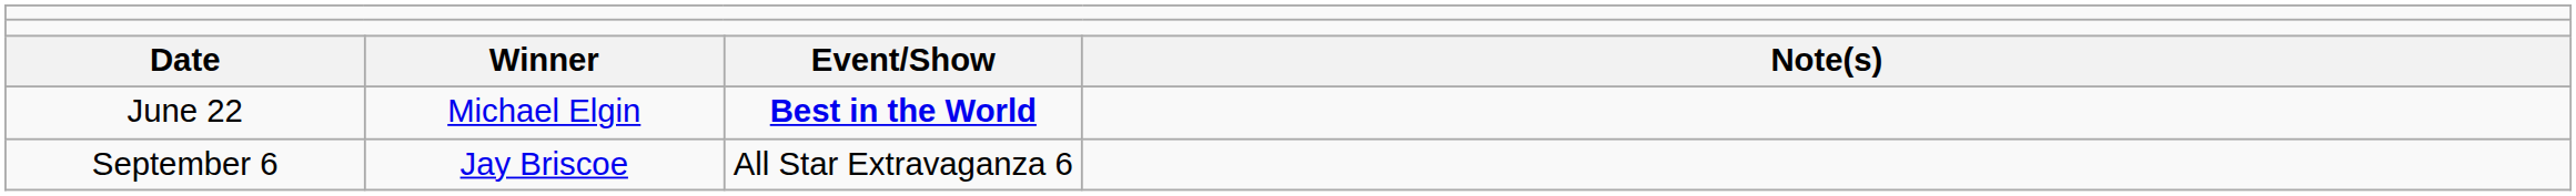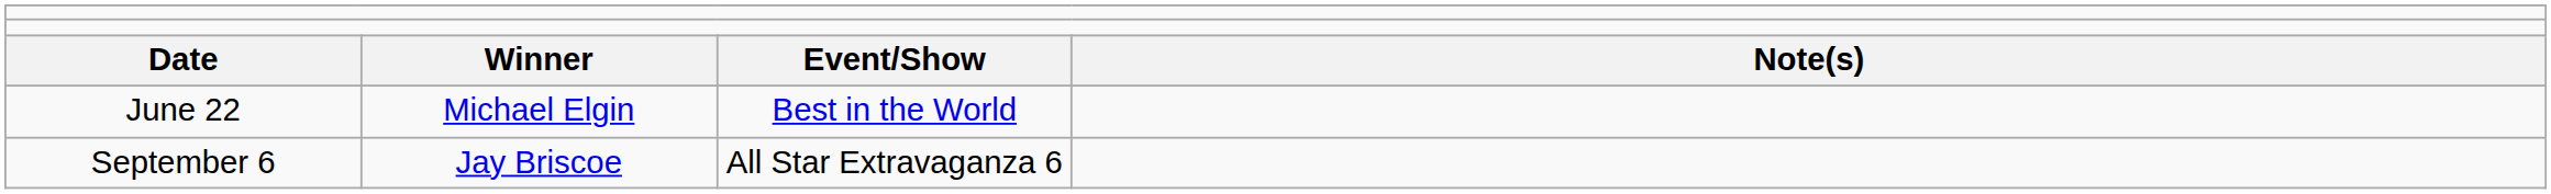 <table class="wikitable" style="text-align:center; width:100%;">
 <tr>
 <td colspan="5"></td>
 </tr>
 <tr>
 <td colspan="5"><strong></strong></td>
 </tr>
 <tr>
 <th width=14%>Date</th>
 <th width=14%>Winner</th>
 <th width=14%>Event/Show</th>
 <th width=58%>Note(s)</th>
 </tr>
 <tr>
 <td>June 22</td>
 <td><a href='#'>Michael Elgin</a></td>
-<td><strong><a href='#'>Best in the World</a></strong></td>
+<td><a href='#'>Best in the World</a></td>
 <td align="left"></td>
 </tr>
 <tr>
 <td>September 6</td>
 <td><a href='#'>Jay Briscoe</a></td>
 <td>All Star Extravaganza 6</td>
 <td align="left"></td>
 </tr>
 </table>
